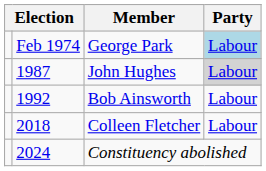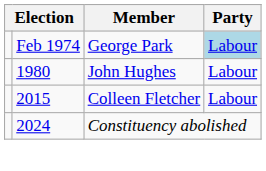 <table class="wikitable">
 <tr>
 <th colspan="2">Election</th>
 <th>Member</th>
 <th>Party</th>
 </tr>
 <tr>
 <td style="color:inherit;background-color: "></td>
 <td><a href='#'>Feb 1974</a></td>
 <td><a href='#'>George Park</a></td>
 <td style="background: lightblue;"><a href='#'>Labour</a></td>
 </tr>
 <tr>
 <td style="color:inherit;background-color: "></td>
-<td><a href='#'>1987</a></td>
+<td><a href='#'>1980</a></td>
 <td><a href='#'>John Hughes</a></td>
-<td style="background: lightgrey;"><a href='#'>Labour</a></td>
-</tr>
-<tr>
-<td style="color:inherit;background-color: "></td>
-<td><a href='#'>1992</a></td>
-<td><a href='#'>Bob Ainsworth</a></td>
 <td><a href='#'>Labour</a></td>
 </tr>
 <tr>
 <td style="color:inherit;background-color: "></td>
-<td><a href='#'>2018</a></td>
+<td><a href='#'>2015</a></td>
 <td><a href='#'>Colleen Fletcher</a></td>
 <td><a href='#'>Labour</a></td>
 </tr>
 <tr>
 <td></td>
 <td><a href='#'>2024</a></td>
 <td colspan="2"><em>Constituency abolished</em></td>
 </tr>
 </table>
